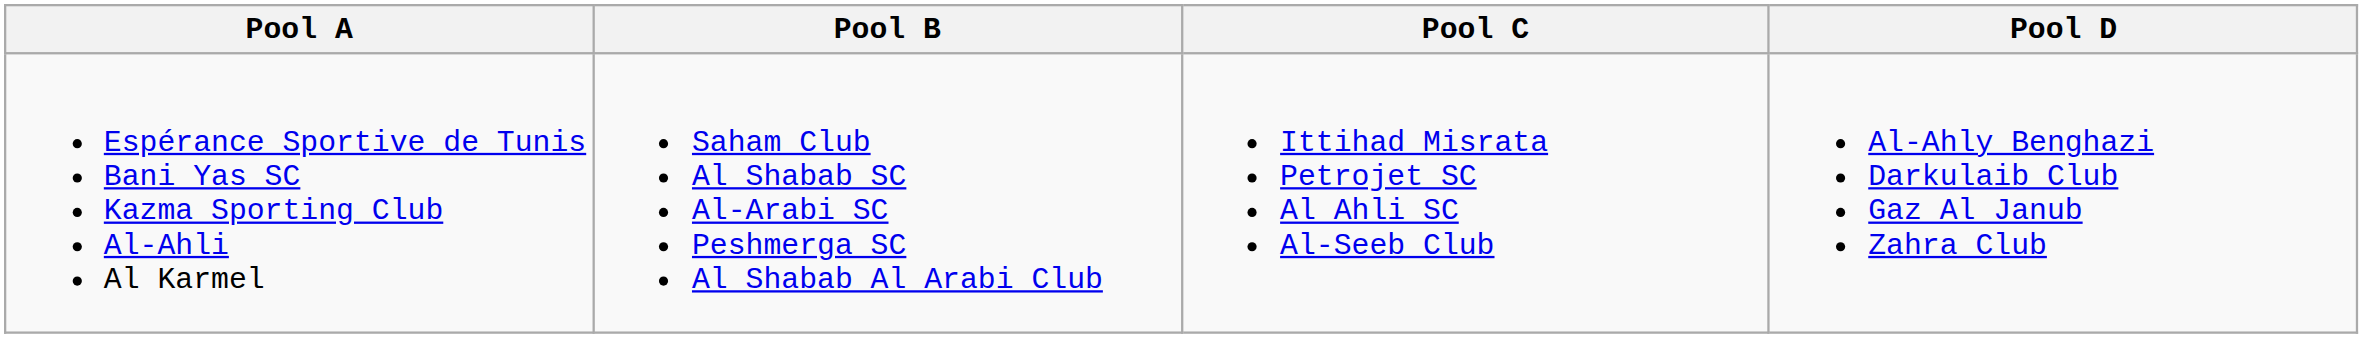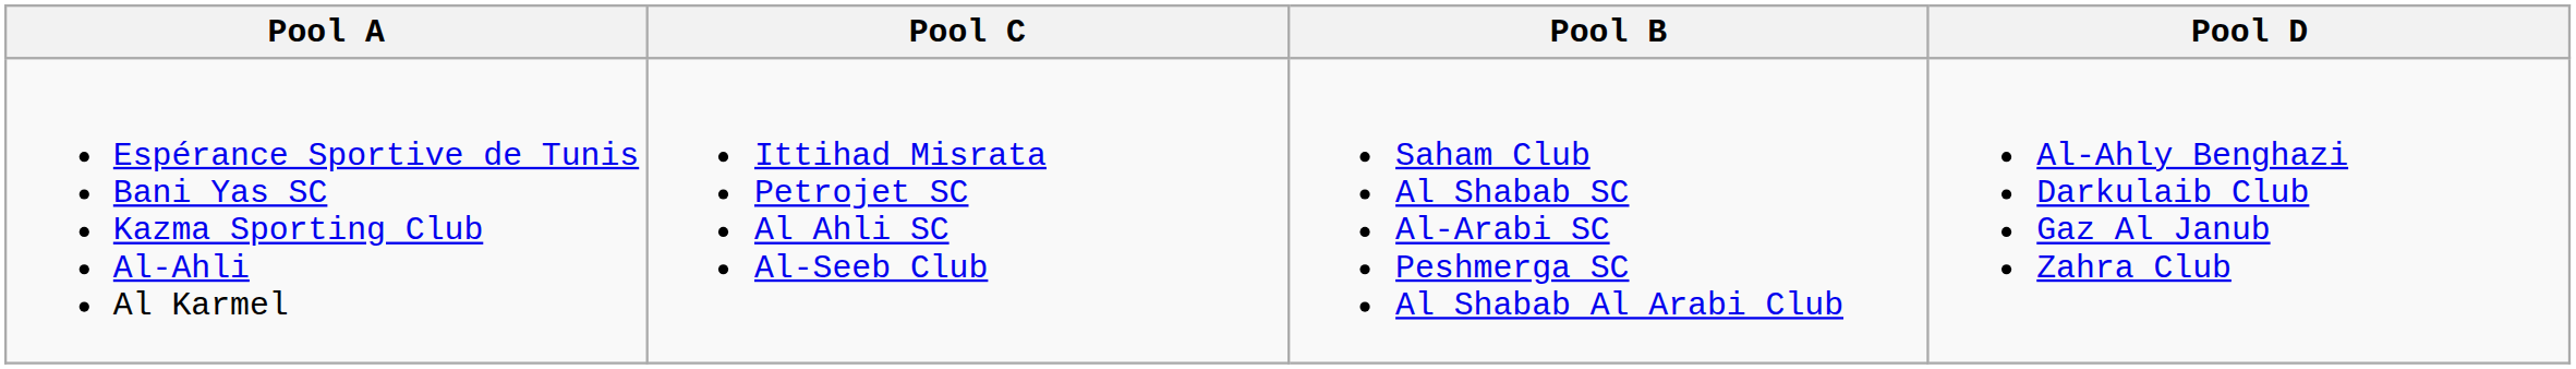 <table class="wikitable">
 <tr>
 <th width=25%>Pool A</th>
+<th width=25%>Pool C</th>
 <th width=25%>Pool B</th>
-<th width=25%>Pool C</th>
 <th width=25%>Pool D</th>
 </tr>
 <tr style="vertical-align: top;">
 <td><br><ul><li> <a href='#'>Espérance Sportive de Tunis</a></li><li> <a href='#'>Bani Yas SC</a></li><li> <a href='#'>Kazma Sporting Club</a></li><li> <a href='#'>Al-Ahli</a></li><li> Al Karmel</li></ul></td>
+<td><br><ul><li> <a href='#'>Ittihad Misrata</a></li><li> <a href='#'>Petrojet SC</a></li><li> <a href='#'>Al Ahli SC</a></li><li> <a href='#'>Al-Seeb Club</a></li></ul></td>
 <td><br><ul><li> <a href='#'>Saham Club</a></li><li> <a href='#'>Al Shabab SC</a></li><li> <a href='#'>Al-Arabi SC</a></li><li> <a href='#'>Peshmerga SC</a></li><li> <a href='#'>Al Shabab Al Arabi Club</a></li></ul></td>
-<td><br><ul><li> <a href='#'>Ittihad Misrata</a></li><li> <a href='#'>Petrojet SC</a></li><li> <a href='#'>Al Ahli SC</a></li><li> <a href='#'>Al-Seeb Club</a></li></ul></td>
 <td><br><ul><li> <a href='#'>Al-Ahly Benghazi</a></li><li> <a href='#'>Darkulaib Club</a></li><li> <a href='#'>Gaz Al Janub</a></li><li> <a href='#'>Zahra Club</a></li></ul></td>
 </tr>
 </table>
